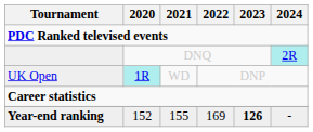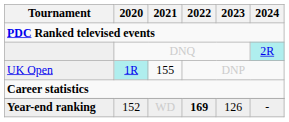 <table class="wikitable" style="width:30%; margin:0">
 <tr>
 <th>Tournament</th>
 <th>2020</th>
 <th>2021</th>
 <th>2022</th>
 <th>2023</th>
 <th>2024</th>
 </tr>
 <tr>
 <td colspan="31" align="left"><strong><a href='#'>PDC</a> Ranked televised events</strong></td>
 </tr>
 <tr>
 <td style="background:#efefef;"></td>
 <td colspan="4" style="text-align:center; color:#ccc;">DNQ</td>
 <td style="text-align:center; background:#afeeee;"><a href='#'>2R</a></td>
 </tr>
 <tr>
 <td style="background:#efefef;"><a href='#'>UK Open</a></td>
 <td style="text-align:center; background:#afeeee;"><a href='#'>1R</a></td>
-<td style="text-align:center; color:#ccc;">WD</td>
+<td style="text-align:center;">155</td>
 <td colspan="3" style="text-align:center; color:#ccc;">DNP</td>
 </tr>
 <tr>
 <td colspan="25" align="left"><strong>Career statistics</strong></td>
 </tr>
 <tr>
 </tr>
 <tr bgcolor="efefef">
 <td align="left"><strong>Year-end ranking</strong></td>
 <td style="text-align:center;">152</td>
-<td style="text-align:center;">155</td>
-<td style="text-align:center;">169</td>
-<td style="text-align:center;"><strong>126</strong></td>
+<td style="text-align:center; color:#ccc;">WD</td>
+<td style="text-align:center;"><strong>169</strong></td>
+<td style="text-align:center;">126</td>
 <td style="text-align:center;">-</td>
 </tr>
 </table>
